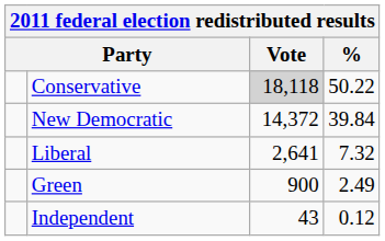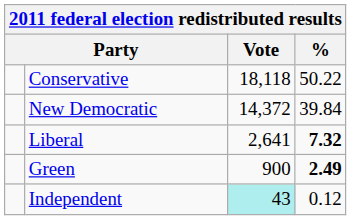 <table class="wikitable">
 <tr>
 <th colspan="4"><a href='#'>2011 federal election</a> redistributed results</th>
 </tr>
 <tr>
 <th bgcolor="#DDDDFF" width="130px" colspan="2">Party</th>
 <th bgcolor="#DDDDFF" width="50px">Vote</th>
 <th bgcolor="#DDDDFF" width="30px">%</th>
 </tr>
 <tr>
 <td> </td>
 <td><a href='#'>Conservative</a></td>
-<td align=right style="background: lightgrey;">18,118</td>
+<td align=right>18,118</td>
 <td align=right>50.22</td>
 </tr>
 <tr>
 <td> </td>
 <td><a href='#'>New Democratic</a></td>
 <td align=right>14,372</td>
 <td align=right>39.84</td>
 </tr>
 <tr>
 <td> </td>
 <td><a href='#'>Liberal</a></td>
 <td align=right>2,641</td>
-<td align=right>7.32</td>
+<td align=right><strong>7.32</strong></td>
 </tr>
 <tr>
 <td> </td>
 <td><a href='#'>Green</a></td>
 <td align=right>900</td>
-<td align=right>2.49</td>
+<td align=right><strong>2.49</strong></td>
 </tr>
 <tr>
 <td> </td>
 <td><a href='#'>Independent</a></td>
-<td align=right>43</td>
+<td align=right style="background: paleturquoise;">43</td>
 <td align=right>0.12</td>
 </tr>
 </table>
